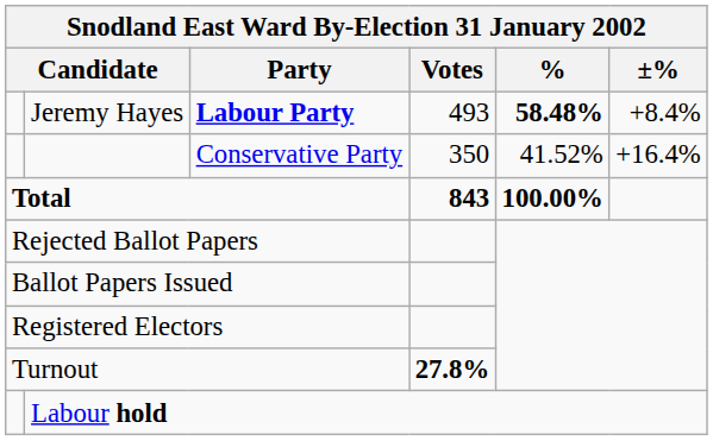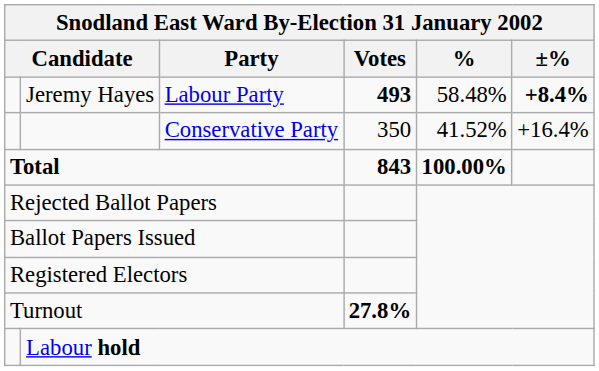 <table class="wikitable" border="1" style="text-align:right; font-size:100%">
 <tr>
 <th align=center colspan=6>Snodland East Ward By-Election 31 January 2002</th>
 </tr>
 <tr>
 <th align=left colspan=2>Candidate</th>
 <th align=left>Party</th>
 <th align=center>Votes</th>
 <th align=center>%</th>
 <th align=center>±%</th>
 </tr>
 <tr>
 <td bgcolor=> </td>
 <td align=left>Jeremy Hayes</td>
-<td align=left><strong><a href='#'>Labour Party</a></strong></td>
-<td>493</td>
-<td><strong>58.48%</strong></td>
-<td>+8.4%</td>
+<td align=left><a href='#'>Labour Party</a></td>
+<td><strong>493</strong></td>
+<td>58.48%</td>
+<td><strong>+8.4%</strong></td>
 </tr>
 <tr>
 <td bgcolor=> </td>
 <td align=left></td>
 <td align=left><a href='#'>Conservative Party</a></td>
 <td>350</td>
 <td>41.52%</td>
 <td>+16.4%</td>
 </tr>
 <tr>
 <td align=left colspan=3><strong>Total</strong></td>
 <td><strong>843</strong></td>
 <td><strong>100.00%</strong></td>
 <td></td>
 </tr>
 <tr>
 <td align=left colspan=3>Rejected Ballot Papers</td>
 <td></td>
 <td rowspan=4 colspan=2></td>
 </tr>
 <tr>
 <td align=left colspan=3>Ballot Papers Issued</td>
 <td></td>
 </tr>
 <tr>
 <td align=left colspan=3>Registered Electors</td>
 <td></td>
 </tr>
 <tr>
 <td align=left colspan=3>Turnout</td>
 <td><strong>27.8%</strong></td>
 </tr>
 <tr>
 <td bgcolor=> </td>
 <td align=left colspan=6><a href='#'>Labour</a> <strong>hold</strong></td>
 </tr>
 </table>
